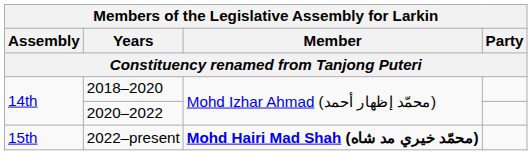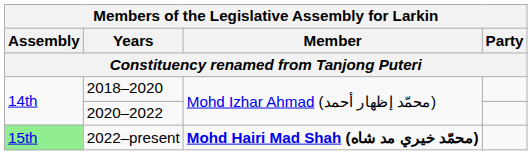 <table class="wikitable">
 <tr>
 <th colspan="4">Members of the Legislative Assembly for Larkin</th>
 </tr>
 <tr>
 <th>Assembly</th>
 <th>Years</th>
 <th>Member</th>
 <th>Party</th>
 </tr>
 <tr>
 <th colspan="4"><em>Constituency renamed from Tanjong Puteri</em></th>
 </tr>
 <tr>
 <td rowspan="2"><a href='#'>14th</a></td>
 <td>2018–2020</td>
 <td rowspan="2"><a href='#'>Mohd Izhar Ahmad</a> (محمّد إظهار أحمد)</td>
 <td></td>
 </tr>
 <tr>
 <td>2020–2022</td>
 <td></td>
 </tr>
 <tr>
-<td><a href='#'>15th</a></td>
+<td style="background: lightgreen;"><a href='#'>15th</a></td>
 <td>2022–present</td>
 <td><strong><a href='#'>Mohd Hairi Mad Shah</a> (محمّد خيري مد شاه)</strong></td>
 <td></td>
 </tr>
 </table>
